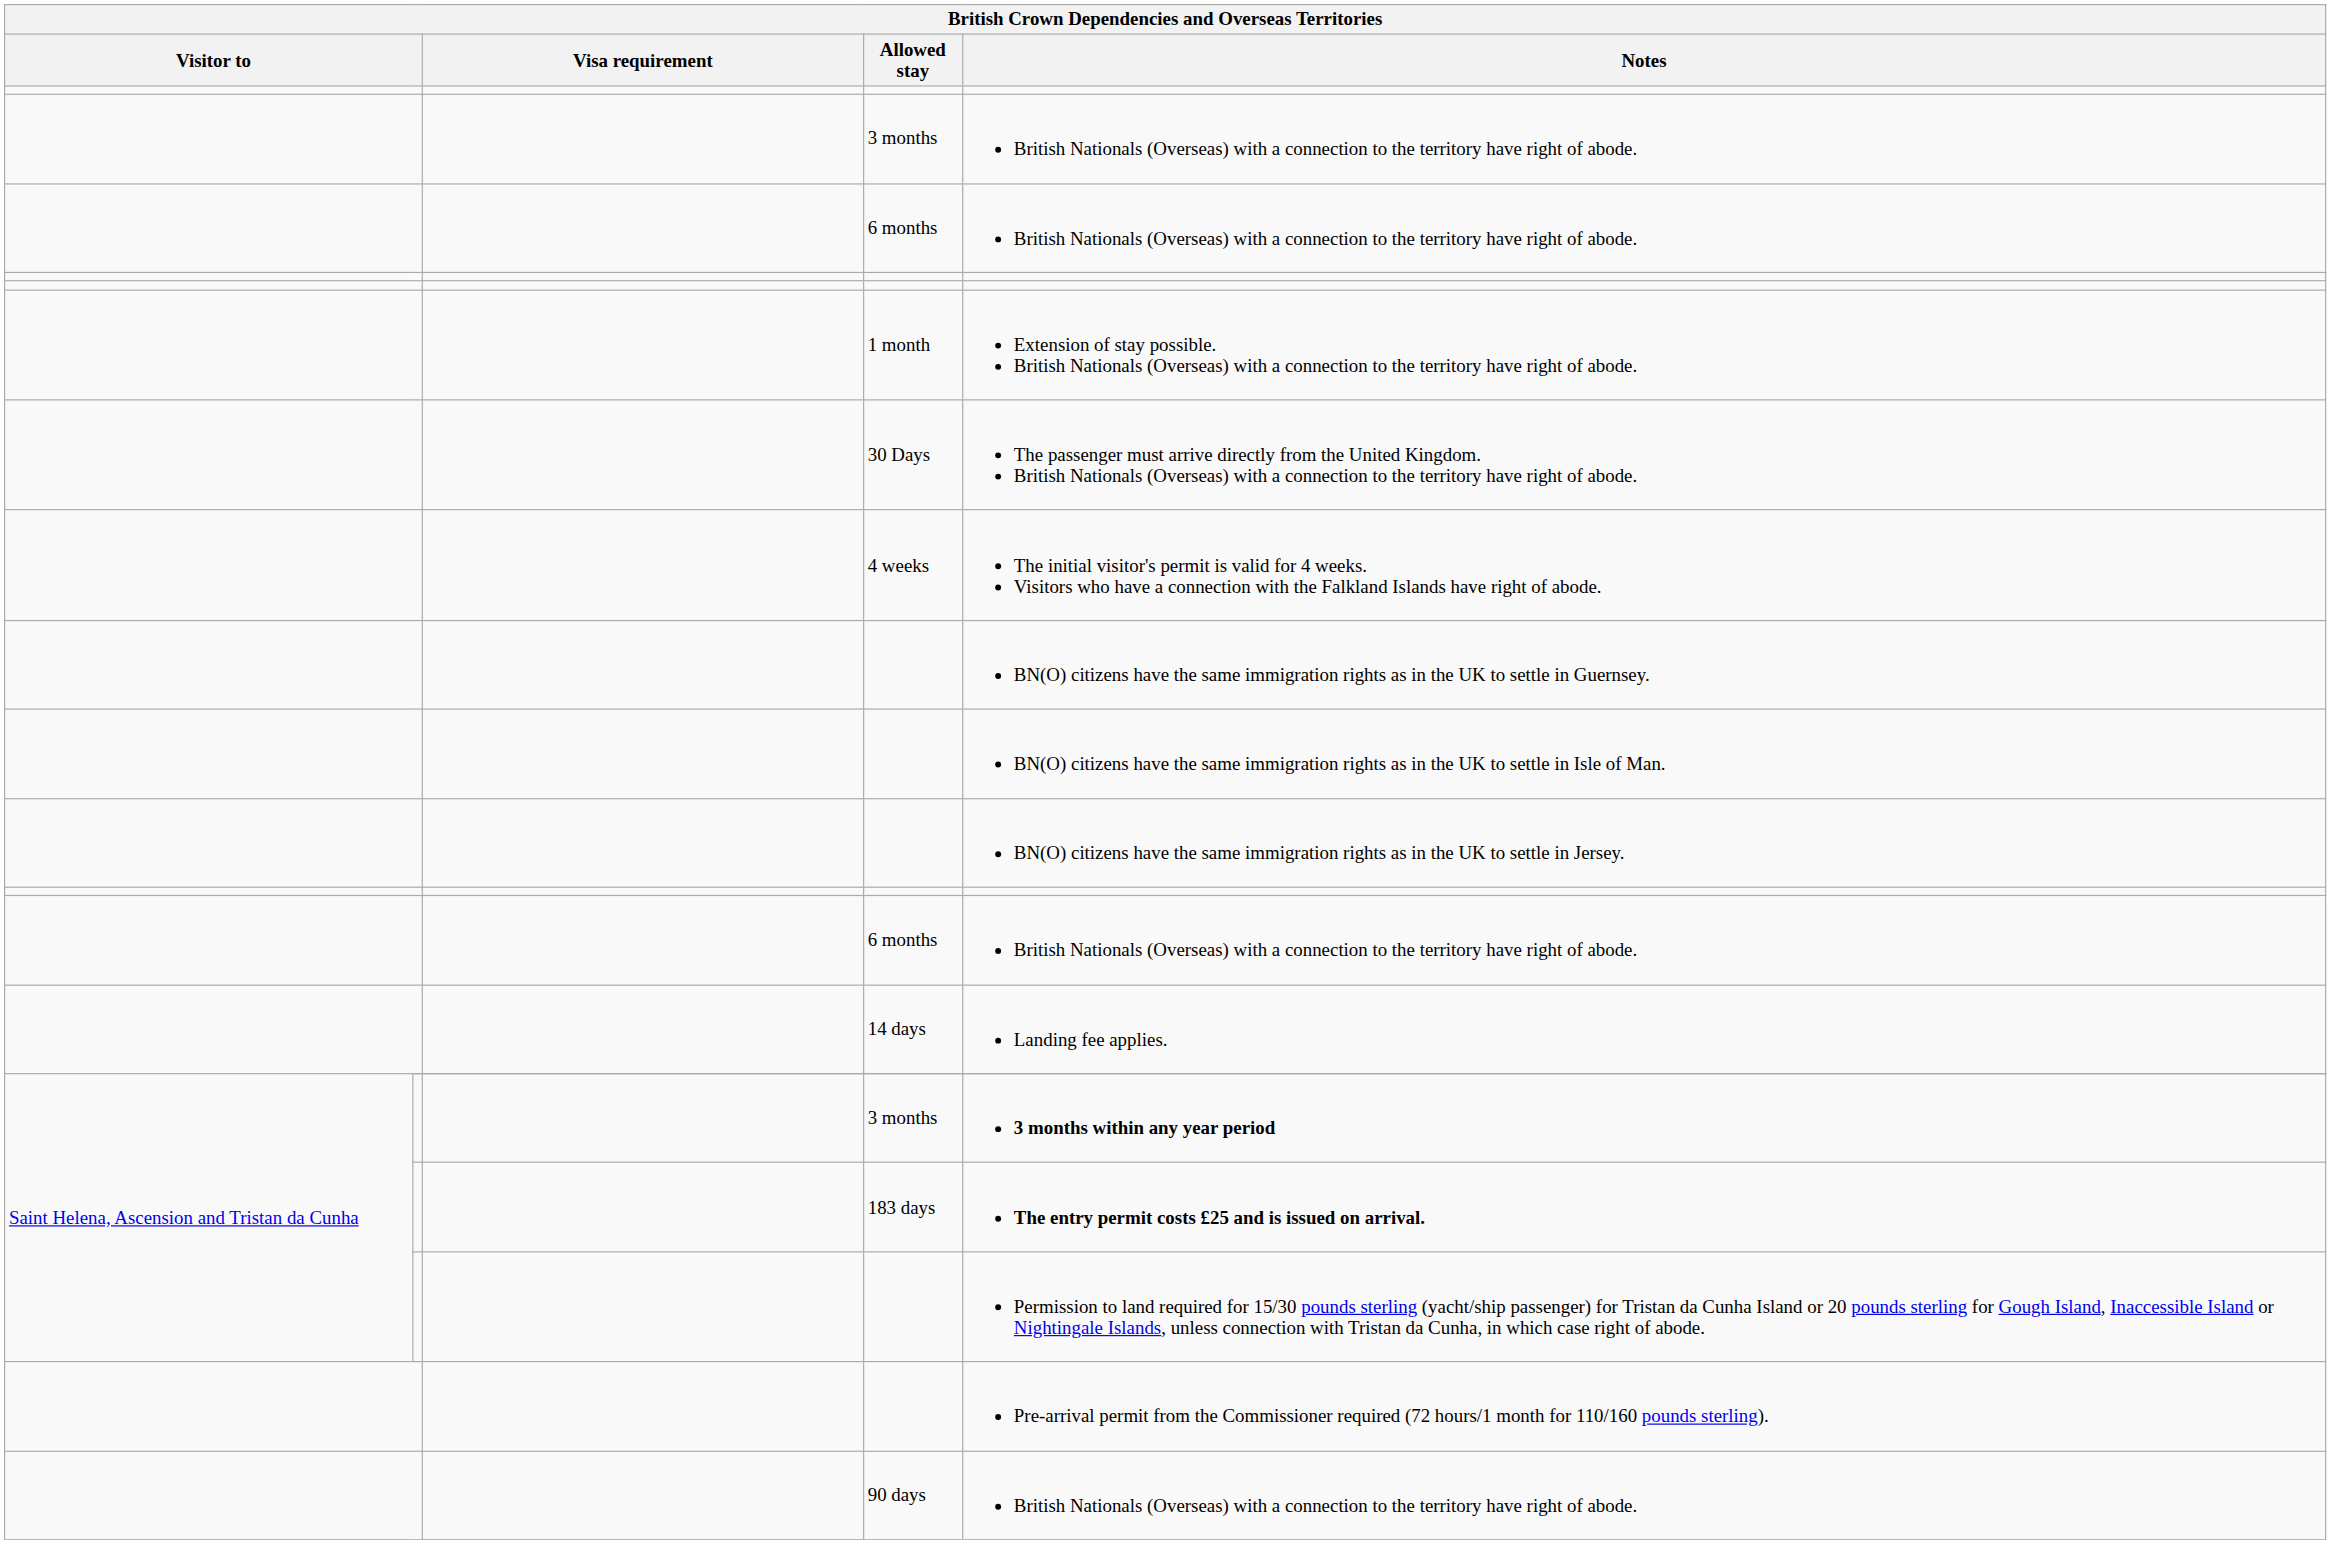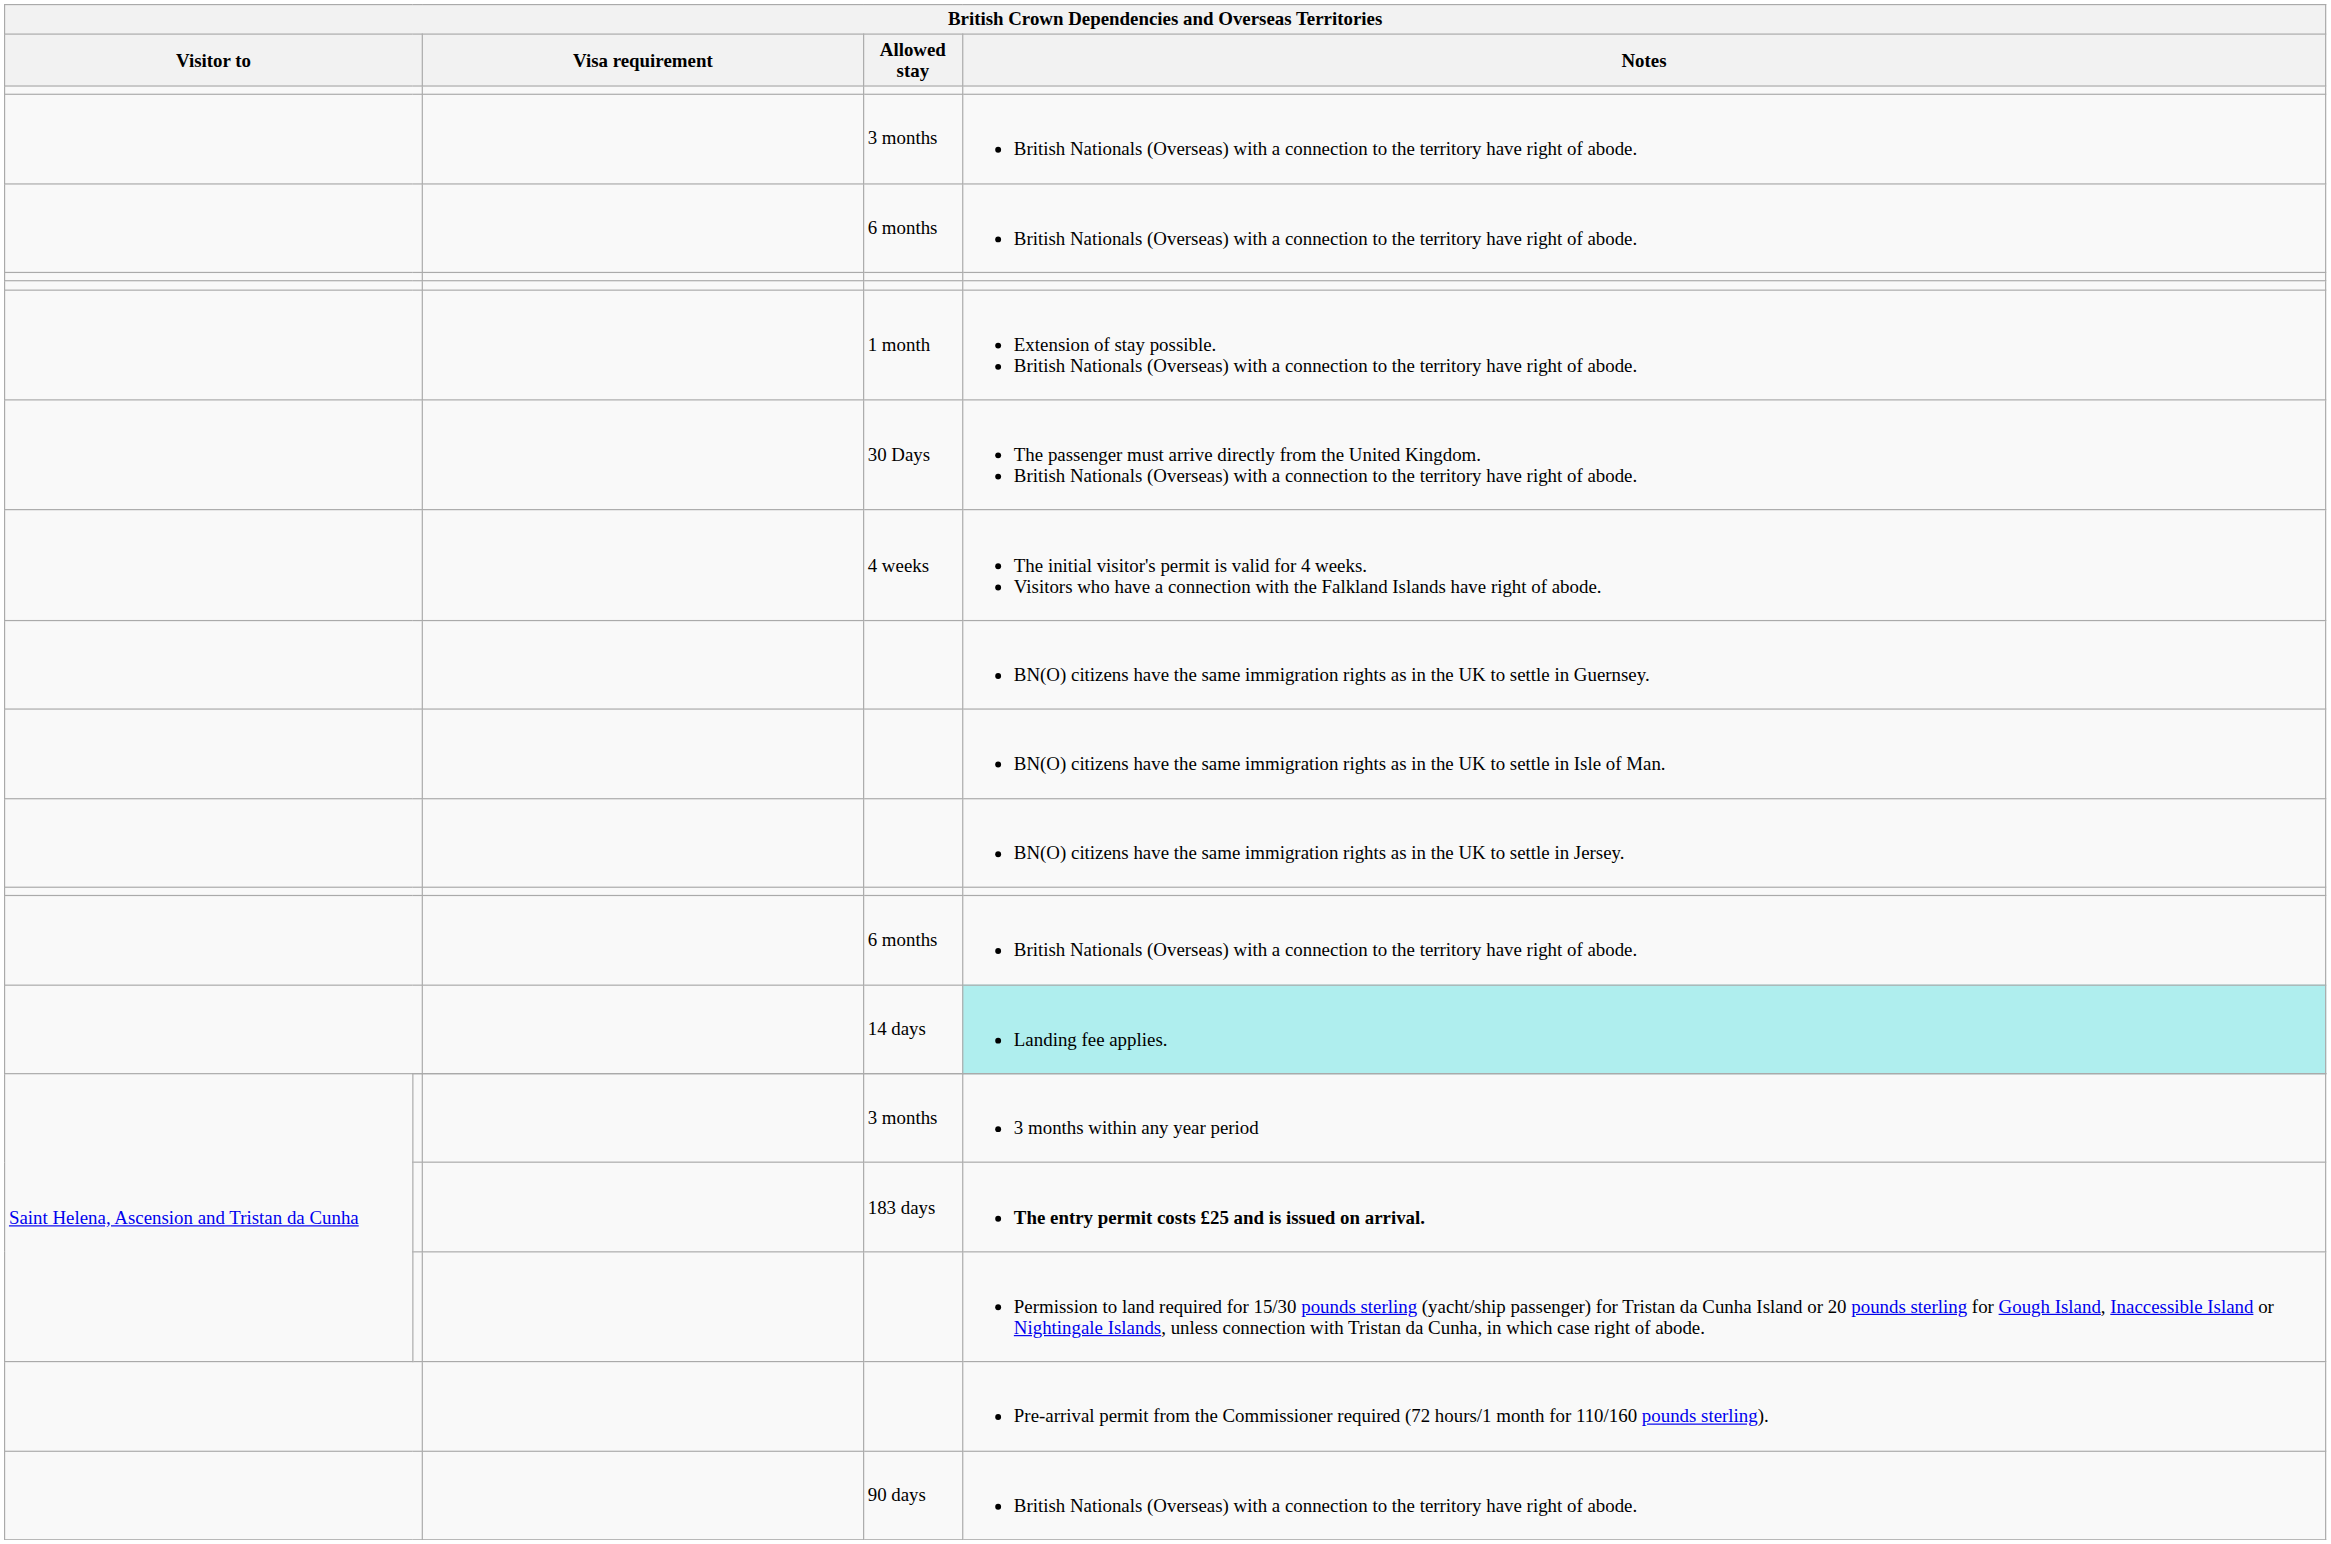 <table class="wikitable" style="text-align: left; table-layout: fixed; ">
 <tr>
 <th colspan="5">British Crown Dependencies and Overseas Territories</th>
 </tr>
 <tr>
 <th style="width:18%;" colspan=2>Visitor to</th>
 <th style="width:19%;">Visa requirement</th>
 <th>Allowed stay</th>
 <th>Notes</th>
 </tr>
 <tr>
 <td colspan=2></td>
 <td></td>
 <td></td>
 <td></td>
 </tr>
 <tr>
 <td colspan=2></td>
 <td></td>
 <td>3 months</td>
 <td><br><ul><li>British Nationals (Overseas) with a connection to the territory have right of abode.</li></ul></td>
 </tr>
 <tr>
 <td colspan=2></td>
 <td></td>
 <td>6 months</td>
 <td><br><ul><li>British Nationals (Overseas) with a connection to the territory have right of abode.</li></ul></td>
 </tr>
 <tr>
 <td colspan=2></td>
 <td></td>
 <td></td>
 <td></td>
 </tr>
 <tr>
 <td colspan=2></td>
 <td></td>
 <td></td>
 <td></td>
 </tr>
 <tr>
 <td colspan=2></td>
 <td></td>
 <td>1 month</td>
 <td><br><ul><li>Extension of stay possible.</li><li>British Nationals (Overseas) with a connection to the territory have right of abode.</li></ul></td>
 </tr>
 <tr>
 <td colspan=2></td>
 <td></td>
 <td>30 Days</td>
 <td><br><ul><li>The passenger must arrive directly from the United Kingdom.</li><li>British Nationals (Overseas) with a connection to the territory have right of abode.</li></ul></td>
 </tr>
 <tr>
 <td colspan=2></td>
 <td></td>
 <td>4 weeks</td>
 <td><br><ul><li>The initial visitor's permit is valid for 4 weeks.</li><li>Visitors who have a connection with the Falkland Islands have right of abode.</li></ul></td>
 </tr>
 <tr>
 <td colspan=2></td>
 <td></td>
 <td></td>
 <td><br><ul><li>BN(O) citizens have the same immigration rights as in the UK to settle in Guernsey.</li></ul></td>
 </tr>
 <tr>
 <td colspan=2></td>
 <td></td>
 <td></td>
 <td><br><ul><li>BN(O) citizens have the same immigration rights as in the UK to settle in Isle of Man.</li></ul></td>
 </tr>
 <tr>
 <td colspan=2></td>
 <td></td>
 <td></td>
 <td><br><ul><li>BN(O) citizens have the same immigration rights as in the UK to settle in Jersey.</li></ul></td>
 </tr>
 <tr>
 <td colspan=2></td>
 <td></td>
 <td></td>
 <td></td>
 </tr>
 <tr>
 <td colspan=2></td>
 <td></td>
 <td>6 months</td>
 <td><br><ul><li>British Nationals (Overseas) with a connection to the territory have right of abode.</li></ul></td>
 </tr>
 <tr>
 <td colspan=2></td>
 <td></td>
 <td>14 days</td>
-<td><br><ul><li>Landing fee applies.</li></ul></td>
+<td style="background: paleturquoise;"><br><ul><li>Landing fee applies.</li></ul></td>
 </tr>
 <tr>
 <td rowspan=4> <a href='#'>Saint Helena, Ascension and Tristan da Cunha</a></td>
 </tr>
 <tr>
 <td></td>
 <td></td>
 <td>3 months</td>
-<td><strong><br><ul><li>3 months within any year period</li></ul></strong></td>
+<td><br><ul><li>3 months within any year period</li></ul></td>
 </tr>
 <tr>
 <td></td>
 <td></td>
 <td>183 days</td>
 <td><strong><br><ul><li>The entry permit costs £25 and is issued on arrival.</li></ul></strong></td>
 </tr>
 <tr>
 <td></td>
 <td></td>
 <td></td>
 <td><br><ul><li>Permission to land required for 15/30 <a href='#'>pounds sterling</a> (yacht/ship passenger) for Tristan da Cunha Island or 20 <a href='#'>pounds sterling</a> for <a href='#'>Gough Island</a>, <a href='#'>Inaccessible Island</a> or <a href='#'>Nightingale Islands</a>, unless connection with Tristan da Cunha, in which case right of abode.</li></ul></td>
 </tr>
 <tr>
 <td colspan=2></td>
 <td></td>
 <td></td>
 <td><br><ul><li>Pre-arrival permit from the Commissioner required (72 hours/1 month for 110/160 <a href='#'>pounds sterling</a>).</li></ul></td>
 </tr>
 <tr>
 <td colspan=2></td>
 <td></td>
 <td>90 days</td>
 <td><br><ul><li>British Nationals (Overseas) with a connection to the territory have right of abode.</li></ul></td>
 </tr>
 </table>
